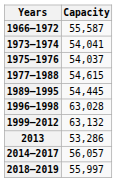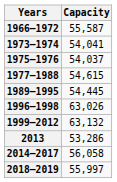 <table class="wikitable plainrowheaders" style="float:left; margin-right:1em">
 <tr>
 <th scope="col">Years</th>
 <th scope="col">Capacity</th>
 </tr>
 <tr>
 <th scope="row">1966–1972</th>
 <td style="text-align:center;">55,587</td>
 </tr>
 <tr>
 <th scope="row">1973–1974</th>
 <td style="text-align:center;">54,041</td>
 </tr>
 <tr>
 <th scope="row">1975–1976</th>
 <td style="text-align:center;">54,037</td>
 </tr>
 <tr>
 <th scope="row">1977–1988</th>
 <td style="text-align:center;">54,615</td>
 </tr>
 <tr>
 <th scope="row">1989–1995</th>
 <td style="text-align:center;">54,445</td>
 </tr>
 <tr>
 <th scope="row">1996–1998</th>
-<td style="text-align:center;">63,028</td>
+<td style="text-align:center;">63,026</td>
 </tr>
 <tr>
 <th scope="row">1999–2012</th>
 <td style="text-align:center;">63,132</td>
 </tr>
 <tr>
 <th scope="row">2013</th>
 <td style="text-align:center;">53,286</td>
 </tr>
 <tr>
 <th scope="row">2014–2017</th>
-<td style="text-align:center;">56,057</td>
+<td style="text-align:center;">56,058</td>
 </tr>
 <tr>
 <th scope="row">2018–2019</th>
 <td style="text-align:center;">55,997</td>
 </tr>
 </table>
